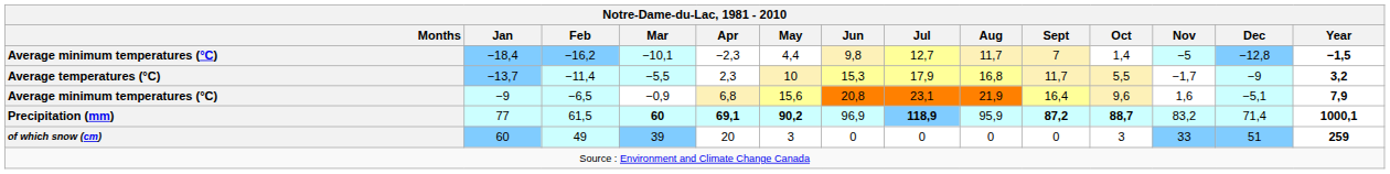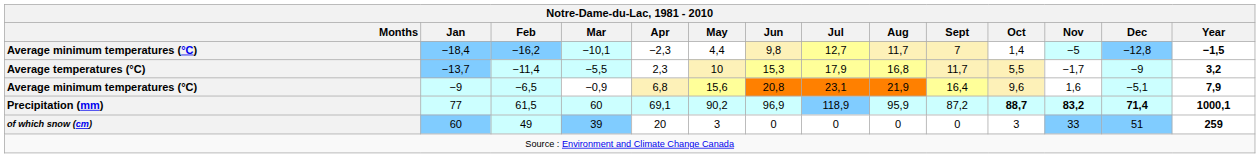 <table class="wikitable" width="100%" style="text-align:center;font-size:87%;line-height:120%">
 <tr>
 <th colspan="14">Notre-Dame-du-Lac, 1981 - 2010</th>
 </tr>
 <tr>
 <th style="text-align:right">Months</th>
 <th>Jan</th>
 <th>Feb</th>
 <th>Mar</th>
 <th>Apr</th>
 <th>May</th>
 <th>Jun</th>
 <th>Jul</th>
 <th>Aug</th>
 <th>Sept</th>
 <th>Oct</th>
 <th>Nov</th>
 <th>Dec</th>
 <th>Year</th>
 </tr>
 <tr>
 <th style="text-align:left">Average minimum temperatures (<a href='#'>°C</a>)</th>
 <td style="background:#80CCFF">−18,4</td>
 <td style="background:#80CCFF">−16,2</td>
 <td style="background:#CCFFFF">−10,1</td>
 <td style="background:#FFFFFF">−2,3</td>
 <td style="background:#FFFFFF">4,4</td>
 <td style="background:#FDF1B8">9,8</td>
 <td style="background:#FFFF99">12,7</td>
 <td style="background:#FDF1B8">11,7</td>
 <td style="background:#FDF1B8">7</td>
 <td style="background:#FFFFFF">1,4</td>
 <td style="background:#CCFFFF">−5</td>
 <td style="background:#80CCFF">−12,8</td>
 <td style="background:#FFFFFF"><strong>−1,5</strong></td>
 </tr>
 <tr>
 <th style="text-align:left">Average temperatures (°C)</th>
 <td style="background:#80CCFF">−13,7</td>
 <td style="background:#CCFFFF">−11,4</td>
 <td style="background:#CCFFFF">−5,5</td>
 <td style="background:#FFFFFF">2,3</td>
 <td style="background:#FDF1B8">10</td>
 <td style="background:#FFFF99">15,3</td>
 <td style="background:#FFFF99">17,9</td>
 <td style="background:#FFFF99">16,8</td>
 <td style="background:#FDF1B8">11,7</td>
 <td style="background:#FDF1B8">5,5</td>
 <td style="background:#FFFFFF">−1,7</td>
 <td style="background:#CCFFFF">−9</td>
 <td style="background:#FFFFFF"><strong>3,2</strong></td>
 </tr>
 <tr>
 <th style="text-align:left">Average minimum temperatures (°C)</th>
 <td style="background:#CCFFFF">−9</td>
 <td style="background:#CCFFFF">−6,5</td>
 <td style="background:#FFFFFF">−0,9</td>
 <td style="background:#FDF1B8">6,8</td>
 <td style="background:#FFFF99">15,6</td>
 <td style="background:#FF8000">20,8</td>
 <td style="background:#FF8000">23,1</td>
 <td style="background:#FF8000">21,9</td>
 <td style="background:#FFFF99">16,4</td>
 <td style="background:#FDF1B8">9,6</td>
 <td style="background:#FFFFFF">1,6</td>
 <td style="background:#CCFFFF">−5,1</td>
 <td style="background:#FFFFFF"><strong>7,9</strong></td>
 </tr>
 <tr>
 <th style="text-align:left">Precipitation (<a href='#'>mm</a>)</th>
 <td style="background:#CCFFFF">77</td>
 <td style="background:#CCFFFF">61,5</td>
-<td style="background:#CCFFFF"><strong>60</strong></td>
-<td style="background:#CCFFFF"><strong>69,1</strong></td>
-<td style="background:#CCFFFF"><strong>90,2</strong></td>
+<td style="background:#CCFFFF">60</td>
+<td style="background:#CCFFFF">69,1</td>
+<td style="background:#CCFFFF">90,2</td>
 <td style="background:#CCFFFF">96,9</td>
-<td style="background:#80CCFF"><strong>118,9</strong></td>
+<td style="background:#80CCFF">118,9</td>
 <td style="background:#CCFFFF">95,9</td>
-<td style="background:#CCFFFF"><strong>87,2</strong></td>
+<td style="background:#CCFFFF">87,2</td>
 <td style="background:#CCFFFF"><strong>88,7</strong></td>
-<td style="background:#CCFFFF">83,2</td>
-<td style="background:#CCFFFF">71,4</td>
+<td style="background:#CCFFFF"><strong>83,2</strong></td>
+<td style="background:#CCFFFF"><strong>71,4</strong></td>
 <td style="background:#FFFFFF"><strong>1000,1</strong></td>
 </tr>
 <tr>
 <th style="text-align:left"><em><small>of which snow (<a href='#'>cm</a>)</small></em></th>
 <td style="background:#80CCFF">60</td>
 <td style="background:#CCFFFF">49</td>
 <td style="background:#80CCFF">39</td>
 <td style="background:#FFFFFF">20</td>
 <td style="background:#FFFFFF">3</td>
 <td style="background:#FFFFFF">0</td>
 <td style="background:#FFFFFF">0</td>
 <td style="background:#FFFFFF">0</td>
 <td style="background:#FFFFFF">0</td>
 <td style="background:#FFFFFF">3</td>
 <td style="background:#80CCFF">33</td>
 <td style="background:#80CCFF">51</td>
 <td style="background:#FFFFFF"><strong>259</strong></td>
 </tr>
 <tr>
 <td colspan="14"><small>Source : <a href='#'>Environment and Climate Change Canada</a></small></td>
 </tr>
 </table>
